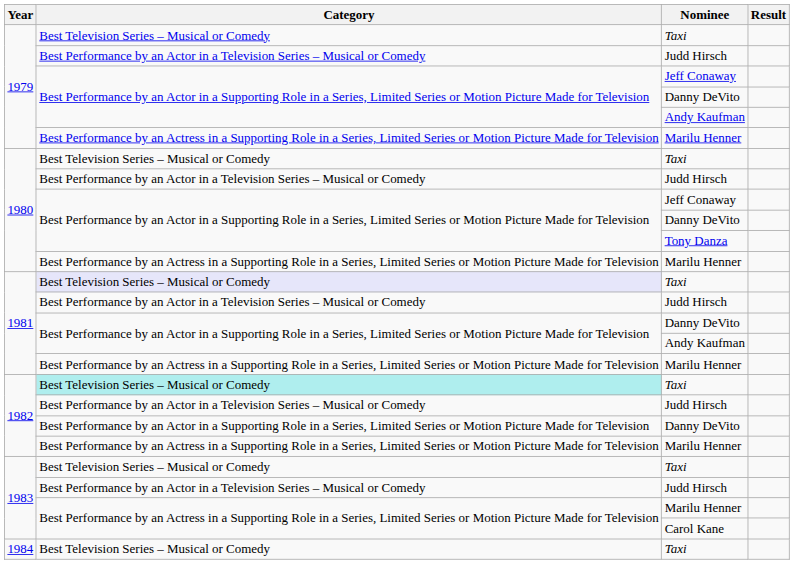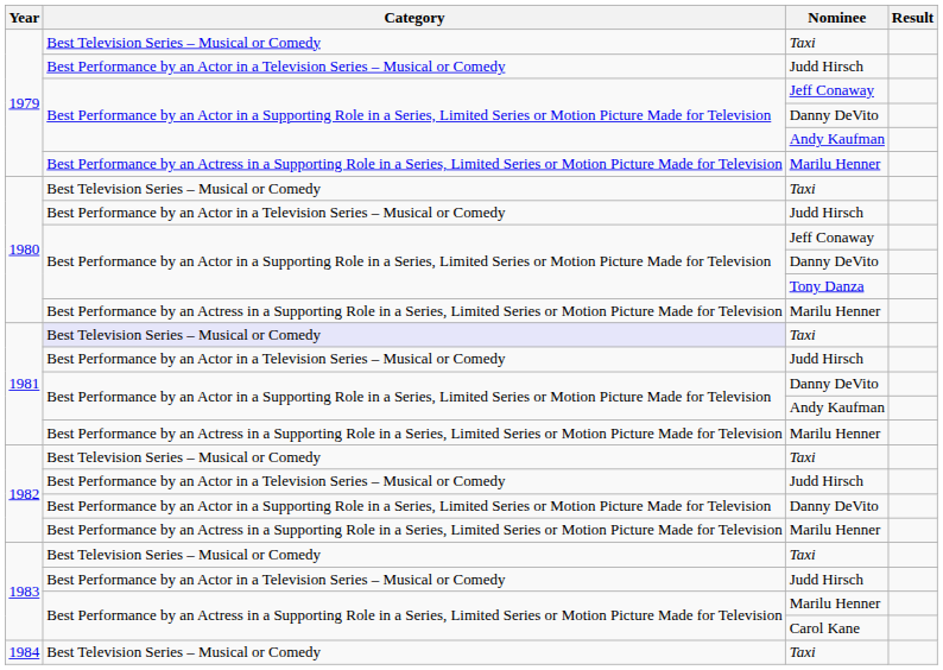 <table class="wikitable sortable">
 <tr>
 <th>Year</th>
 <th>Category</th>
 <th>Nominee</th>
 <th>Result</th>
 </tr>
 <tr>
 <td rowspan="6"><a href='#'>1979</a></td>
 <td><a href='#'>Best Television Series – Musical or Comedy</a></td>
 <td><em>Taxi</em></td>
 <td></td>
 </tr>
 <tr>
 <td><a href='#'>Best Performance by an Actor in a Television Series – Musical or Comedy</a></td>
 <td>Judd Hirsch</td>
 <td></td>
 </tr>
 <tr>
 <td rowspan="3"><a href='#'>Best Performance by an Actor in a Supporting Role in a Series, Limited Series or Motion Picture Made for Television</a></td>
 <td><a href='#'>Jeff Conaway</a></td>
 <td></td>
 </tr>
 <tr>
 <td>Danny DeVito</td>
 <td></td>
 </tr>
 <tr>
 <td><a href='#'>Andy Kaufman</a></td>
 <td></td>
 </tr>
 <tr>
 <td><a href='#'>Best Performance by an Actress in a Supporting Role in a Series, Limited Series or Motion Picture Made for Television</a></td>
 <td><a href='#'>Marilu Henner</a></td>
 <td></td>
 </tr>
 <tr>
 <td rowspan="6"><a href='#'>1980</a></td>
 <td>Best Television Series – Musical or Comedy</td>
 <td><em>Taxi</em></td>
 <td></td>
 </tr>
 <tr>
 <td>Best Performance by an Actor in a Television Series – Musical or Comedy</td>
 <td>Judd Hirsch</td>
 <td></td>
 </tr>
 <tr>
 <td rowspan="3">Best Performance by an Actor in a Supporting Role in a Series, Limited Series or Motion Picture Made for Television</td>
 <td>Jeff Conaway</td>
 <td></td>
 </tr>
 <tr>
 <td>Danny DeVito</td>
 <td></td>
 </tr>
 <tr>
 <td><a href='#'>Tony Danza</a></td>
 <td></td>
 </tr>
 <tr>
 <td>Best Performance by an Actress in a Supporting Role in a Series, Limited Series or Motion Picture Made for Television</td>
 <td>Marilu Henner</td>
 <td></td>
 </tr>
 <tr>
 <td rowspan="5"><a href='#'>1981</a></td>
 <td style="background: lavender;">Best Television Series – Musical or Comedy</td>
 <td><em>Taxi</em></td>
 <td></td>
 </tr>
 <tr>
 <td>Best Performance by an Actor in a Television Series – Musical or Comedy</td>
 <td>Judd Hirsch</td>
 <td></td>
 </tr>
 <tr>
 <td rowspan="2">Best Performance by an Actor in a Supporting Role in a Series, Limited Series or Motion Picture Made for Television</td>
 <td>Danny DeVito</td>
 <td></td>
 </tr>
 <tr>
 <td>Andy Kaufman</td>
 <td></td>
 </tr>
 <tr>
 <td>Best Performance by an Actress in a Supporting Role in a Series, Limited Series or Motion Picture Made for Television</td>
 <td>Marilu Henner</td>
 <td></td>
 </tr>
 <tr>
 <td rowspan="4"><a href='#'>1982</a></td>
-<td style="background: paleturquoise;">Best Television Series – Musical or Comedy</td>
+<td>Best Television Series – Musical or Comedy</td>
 <td><em>Taxi</em></td>
 <td></td>
 </tr>
 <tr>
 <td>Best Performance by an Actor in a Television Series – Musical or Comedy</td>
 <td>Judd Hirsch</td>
 <td></td>
 </tr>
 <tr>
 <td>Best Performance by an Actor in a Supporting Role in a Series, Limited Series or Motion Picture Made for Television</td>
 <td>Danny DeVito</td>
 <td></td>
 </tr>
 <tr>
 <td>Best Performance by an Actress in a Supporting Role in a Series, Limited Series or Motion Picture Made for Television</td>
 <td>Marilu Henner</td>
 <td></td>
 </tr>
 <tr>
 <td rowspan="4"><a href='#'>1983</a></td>
 <td>Best Television Series – Musical or Comedy</td>
 <td><em>Taxi</em></td>
 <td></td>
 </tr>
 <tr>
 <td>Best Performance by an Actor in a Television Series – Musical or Comedy</td>
 <td>Judd Hirsch</td>
 <td></td>
 </tr>
 <tr>
 <td rowspan="2">Best Performance by an Actress in a Supporting Role in a Series, Limited Series or Motion Picture Made for Television</td>
 <td>Marilu Henner</td>
 <td></td>
 </tr>
 <tr>
 <td>Carol Kane</td>
 <td></td>
 </tr>
 <tr>
 <td><a href='#'>1984</a></td>
 <td>Best Television Series – Musical or Comedy</td>
 <td><em>Taxi</em></td>
 <td></td>
 </tr>
 </table>
